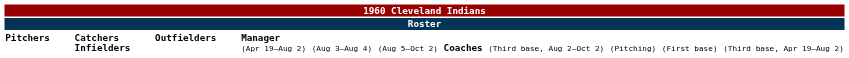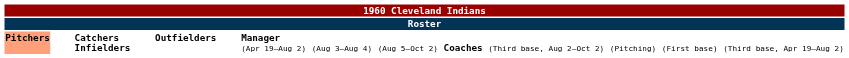 <table class="toccolours" style="font-size: 95%;">
 <tr>
 <th colspan="10" style="background-color: #990000; color: white; text-align: center;">1960 Cleveland Indians</th>
 </tr>
 <tr>
 <td colspan="10" style="background-color: #023456; color: white; text-align: center;"><strong>Roster</strong></td>
 </tr>
 <tr>
-<td valign="top"><strong>Pitchers</strong><br>                 </td>
+<td valign="top" style="background: lightsalmon;"><strong>Pitchers</strong><br>                 </td>
 <td width="25px"></td>
 <td valign="top"><strong>Catchers</strong><br>    <strong>Infielders</strong>           </td>
 <td width="25px"></td>
 <td valign="top"><strong>Outfielders</strong><br>          </td>
 <td width="25px"></td>
 <td valign="top"><strong>Manager</strong><br> <small>(Apr 19–Aug 2)</small>  <small>(Aug 3–Aug 4)</small>  <small>(Aug 5–Oct 2)</small> <strong>Coaches</strong>  <small>(Third base, Aug 2–Oct 2)</small>   <small>(Pitching)</small>  <small>(First base)</small>   <small>(Third base, Apr 19–Aug 2)</small> </td>
 </tr>
 </table>
